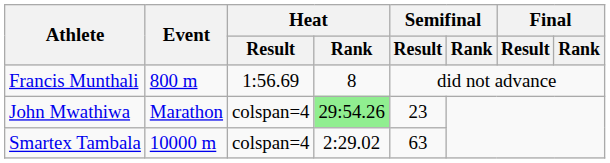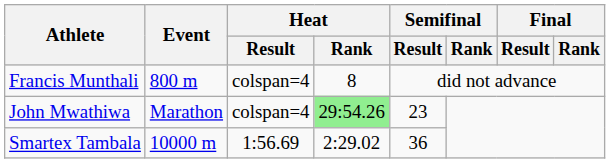 <table class=wikitable style="font-size:90%">
 <tr>
 <th rowspan="2">Athlete</th>
 <th rowspan="2">Event</th>
 <th colspan="2">Heat</th>
 <th colspan="2">Semifinal</th>
 <th colspan="2">Final</th>
 </tr>
 <tr style="font-size:95%">
 <th>Result</th>
 <th>Rank</th>
 <th>Result</th>
 <th>Rank</th>
 <th>Result</th>
 <th>Rank</th>
 </tr>
 <tr align=center>
 <td align=left><a href='#'>Francis Munthali</a></td>
 <td align=left><a href='#'>800 m</a></td>
-<td>1:56.69</td>
+<td>colspan=4 </td>
 <td>8</td>
 <td colspan=4>did not advance</td>
 </tr>
 <tr align=center>
 <td align=left><a href='#'>John Mwathiwa</a></td>
 <td align=left><a href='#'>Marathon</a></td>
 <td>colspan=4 </td>
 <td style="background: lightgreen;">29:54.26</td>
 <td>23</td>
 </tr>
 <tr align=center>
 <td align=left><a href='#'>Smartex Tambala</a></td>
 <td align=left><a href='#'>10000 m</a></td>
-<td>colspan=4 </td>
+<td>1:56.69</td>
 <td>2:29.02</td>
-<td>63</td>
+<td>36</td>
 </tr>
 </table>
